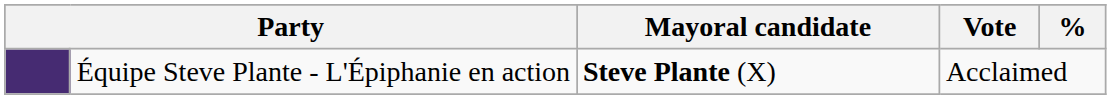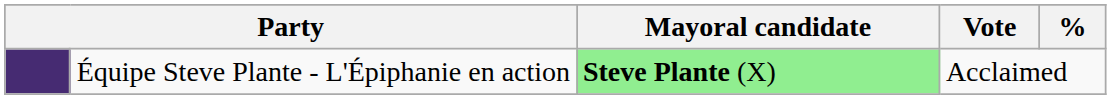 <table class="wikitable">
 <tr>
 <th bgcolor="#DDDDFF" width="230px" colspan="2">Party</th>
 <th bgcolor="#DDDDFF" width="200px">Mayoral candidate</th>
 <th bgcolor="#DDDDFF" width="50px">Vote</th>
 <th bgcolor="#DDDDFF" width="30px">%</th>
 </tr>
 <tr>
 <td bgcolor=#462B72 width="30px"> </td>
 <td>Équipe Steve Plante - L'Épiphanie en action</td>
-<td><strong>Steve Plante</strong> (X)</td>
+<td style="background: lightgreen;"><strong>Steve Plante</strong> (X)</td>
 <td colspan="2">Acclaimed</td>
 </tr>
 </table>
